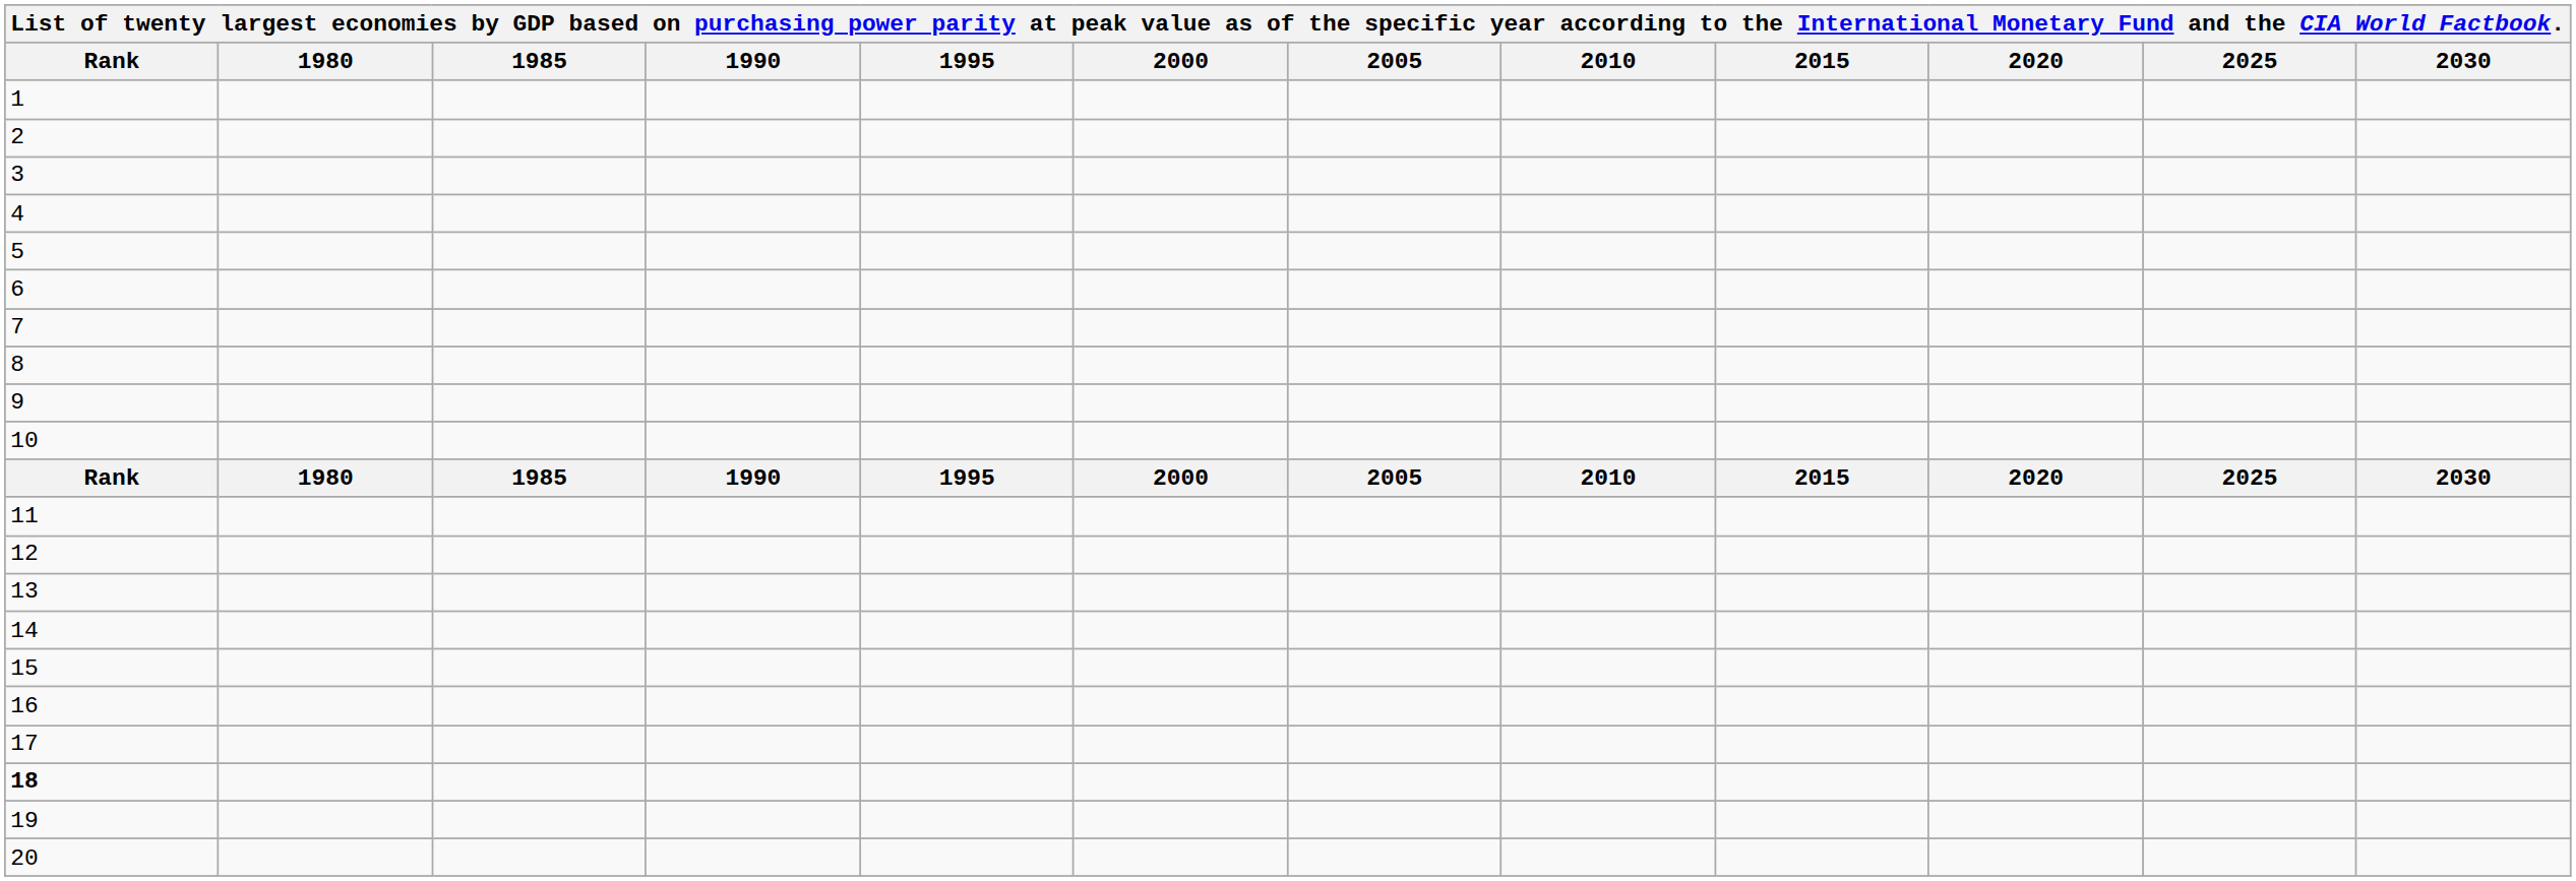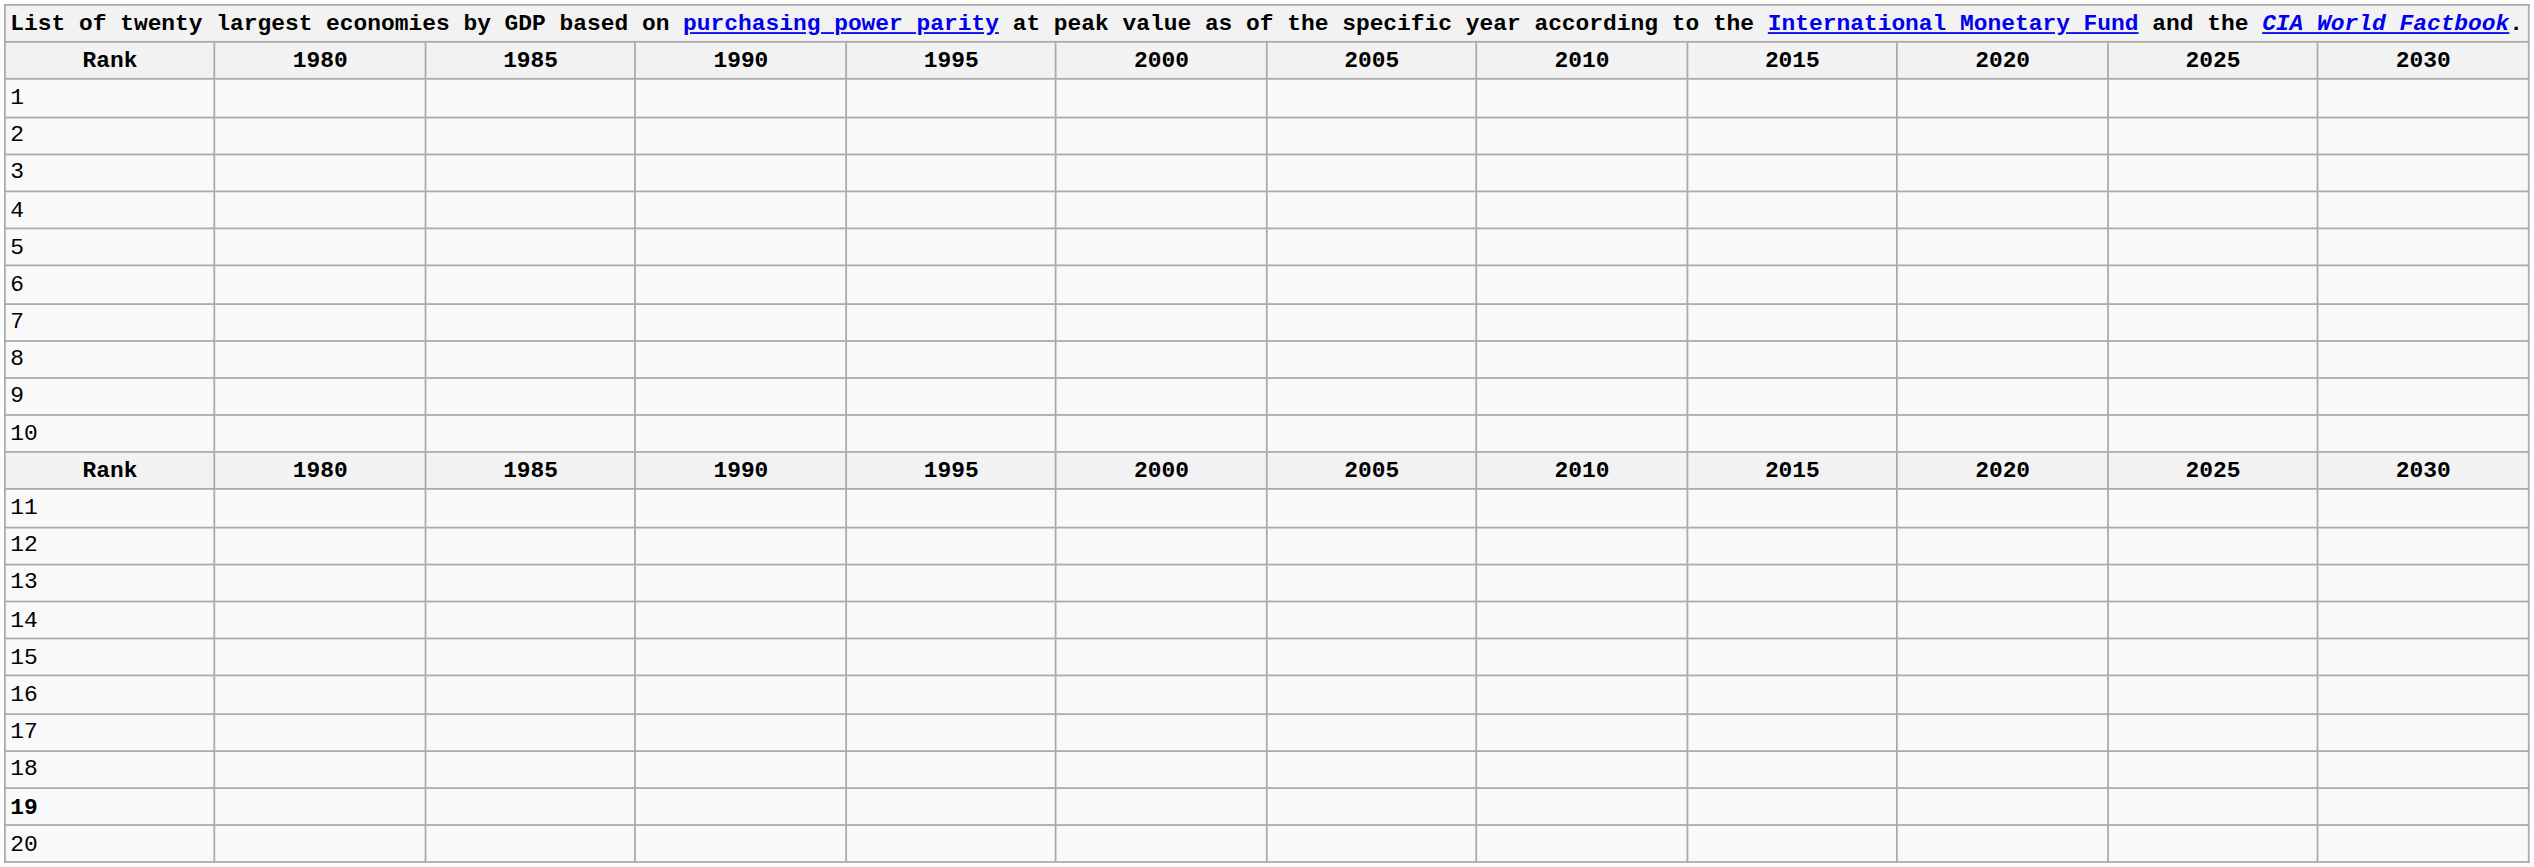 <table class="wikitable mw-collapsible ">
 <tr>
 <th style="text-align:center;" colspan="12">List of twenty largest economies by GDP based on <a href='#'>purchasing power parity</a> at peak value as of the specific year according to the <a href='#'>International Monetary Fund</a> and the <em><a href='#'>CIA World Factbook</a></em>.</th>
 </tr>
 <tr>
 <th>Rank</th>
 <th>1980</th>
 <th>1985</th>
 <th>1990</th>
 <th>1995</th>
 <th>2000</th>
 <th>2005</th>
 <th>2010</th>
 <th>2015</th>
 <th>2020</th>
 <th>2025</th>
 <th>2030</th>
 </tr>
 <tr>
 <td>1</td>
 <td></td>
 <td></td>
 <td></td>
 <td></td>
 <td></td>
 <td></td>
 <td></td>
 <td></td>
 <td></td>
 <td></td>
 <td></td>
 </tr>
 <tr>
 <td>2</td>
 <td></td>
 <td></td>
 <td></td>
 <td></td>
 <td></td>
 <td></td>
 <td></td>
 <td></td>
 <td></td>
 <td></td>
 <td></td>
 </tr>
 <tr>
 <td>3</td>
 <td></td>
 <td></td>
 <td></td>
 <td></td>
 <td></td>
 <td></td>
 <td></td>
 <td></td>
 <td></td>
 <td></td>
 <td></td>
 </tr>
 <tr>
 <td>4</td>
 <td></td>
 <td></td>
 <td></td>
 <td></td>
 <td></td>
 <td></td>
 <td></td>
 <td></td>
 <td></td>
 <td></td>
 <td></td>
 </tr>
 <tr>
 <td>5</td>
 <td></td>
 <td></td>
 <td></td>
 <td></td>
 <td></td>
 <td></td>
 <td></td>
 <td></td>
 <td></td>
 <td></td>
 <td></td>
 </tr>
 <tr>
 <td>6</td>
 <td></td>
 <td></td>
 <td></td>
 <td></td>
 <td></td>
 <td></td>
 <td></td>
 <td></td>
 <td></td>
 <td></td>
 <td></td>
 </tr>
 <tr>
 <td>7</td>
 <td></td>
 <td></td>
 <td></td>
 <td></td>
 <td></td>
 <td></td>
 <td></td>
 <td></td>
 <td></td>
 <td></td>
 <td></td>
 </tr>
 <tr>
 <td>8</td>
 <td></td>
 <td></td>
 <td></td>
 <td></td>
 <td></td>
 <td></td>
 <td></td>
 <td></td>
 <td></td>
 <td></td>
 <td></td>
 </tr>
 <tr>
 <td>9</td>
 <td></td>
 <td></td>
 <td></td>
 <td></td>
 <td></td>
 <td></td>
 <td></td>
 <td></td>
 <td></td>
 <td></td>
 <td></td>
 </tr>
 <tr>
 <td>10</td>
 <td></td>
 <td></td>
 <td></td>
 <td></td>
 <td></td>
 <td></td>
 <td></td>
 <td></td>
 <td></td>
 <td></td>
 <td></td>
 </tr>
 <tr>
 <th>Rank</th>
 <th>1980</th>
 <th>1985</th>
 <th>1990</th>
 <th>1995</th>
 <th>2000</th>
 <th>2005</th>
 <th>2010</th>
 <th>2015</th>
 <th>2020</th>
 <th>2025</th>
 <th>2030</th>
 </tr>
 <tr>
 <td>11</td>
 <td></td>
 <td></td>
 <td></td>
 <td></td>
 <td></td>
 <td></td>
 <td></td>
 <td></td>
 <td></td>
 <td></td>
 <td></td>
 </tr>
 <tr>
 <td>12</td>
 <td></td>
 <td></td>
 <td></td>
 <td></td>
 <td></td>
 <td></td>
 <td></td>
 <td></td>
 <td></td>
 <td></td>
 <td></td>
 </tr>
 <tr>
 <td>13</td>
 <td></td>
 <td></td>
 <td></td>
 <td></td>
 <td></td>
 <td></td>
 <td></td>
 <td></td>
 <td></td>
 <td></td>
 <td></td>
 </tr>
 <tr>
 <td>14</td>
 <td></td>
 <td></td>
 <td></td>
 <td></td>
 <td></td>
 <td></td>
 <td></td>
 <td></td>
 <td></td>
 <td></td>
 <td></td>
 </tr>
 <tr>
 <td>15</td>
 <td></td>
 <td></td>
 <td></td>
 <td></td>
 <td></td>
 <td></td>
 <td></td>
 <td></td>
 <td></td>
 <td></td>
 <td></td>
 </tr>
 <tr>
 <td>16</td>
 <td></td>
 <td></td>
 <td></td>
 <td></td>
 <td></td>
 <td></td>
 <td></td>
 <td></td>
 <td></td>
 <td></td>
 <td></td>
 </tr>
 <tr>
 <td>17</td>
 <td></td>
 <td></td>
 <td></td>
 <td></td>
 <td></td>
 <td></td>
 <td></td>
 <td></td>
 <td></td>
 <td></td>
 <td></td>
 </tr>
 <tr>
-<td><strong>18</strong></td>
+<td>18</td>
 <td></td>
 <td></td>
 <td></td>
 <td></td>
 <td></td>
 <td></td>
 <td></td>
 <td></td>
 <td></td>
 <td></td>
 <td></td>
 </tr>
 <tr>
-<td>19</td>
+<td><strong>19</strong></td>
 <td></td>
 <td></td>
 <td></td>
 <td></td>
 <td></td>
 <td></td>
 <td></td>
 <td></td>
 <td></td>
 <td></td>
 <td></td>
 </tr>
 <tr>
 <td>20</td>
 <td></td>
 <td></td>
 <td></td>
 <td></td>
 <td></td>
 <td></td>
 <td></td>
 <td></td>
 <td></td>
 <td></td>
 <td></td>
 </tr>
 </table>
